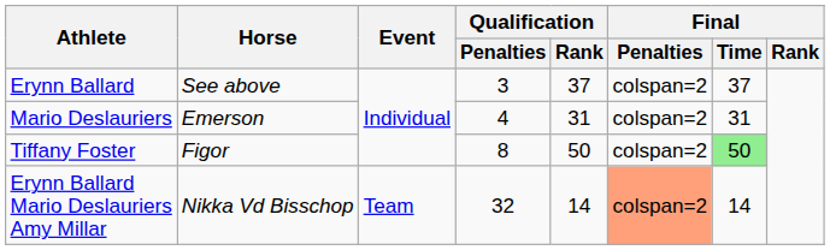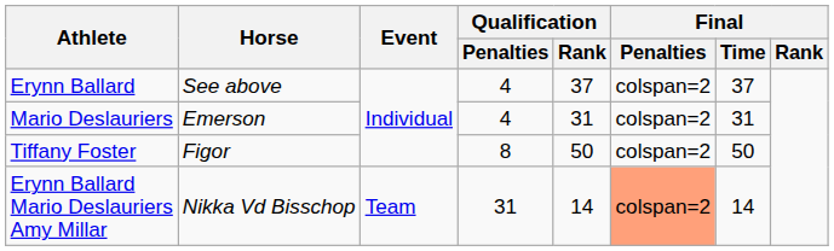 <table class=wikitable style="font-size:90%">
 <tr>
 <th rowspan="2">Athlete</th>
 <th rowspan="2">Horse</th>
 <th rowspan="2">Event</th>
 <th colspan="2">Qualification</th>
 <th colspan="3">Final</th>
 </tr>
 <tr style="font-size:95%">
 <th>Penalties</th>
 <th>Rank</th>
 <th>Penalties</th>
 <th>Time</th>
 <th>Rank</th>
 </tr>
 <tr align=center>
 <td align=left><a href='#'>Erynn Ballard</a></td>
 <td align=left><em>See above</em></td>
 <td align=left rowspan=3><a href='#'>Individual</a></td>
-<td>3</td>
+<td>4</td>
 <td>37</td>
 <td>colspan=2 </td>
 <td>37</td>
 </tr>
 <tr align=center>
 <td align=left><a href='#'>Mario Deslauriers</a></td>
 <td align=left><em>Emerson</em></td>
 <td>4</td>
 <td>31</td>
 <td>colspan=2 </td>
 <td>31</td>
 </tr>
 <tr align=center>
 <td align=left><a href='#'>Tiffany Foster</a></td>
 <td align=left><em>Figor</em></td>
 <td>8</td>
 <td>50</td>
 <td>colspan=2 </td>
-<td style="background: lightgreen;">50</td>
+<td>50</td>
 </tr>
 <tr align=center>
 <td align=left><a href='#'>Erynn Ballard</a><br><a href='#'>Mario Deslauriers</a><br><a href='#'>Amy Millar</a></td>
 <td align=left><em>Nikka Vd Bisschop</em></td>
 <td align=left><a href='#'>Team</a></td>
-<td>32</td>
+<td>31</td>
 <td>14</td>
 <td style="background: lightsalmon;">colspan=2 </td>
 <td>14</td>
 </tr>
 </table>
